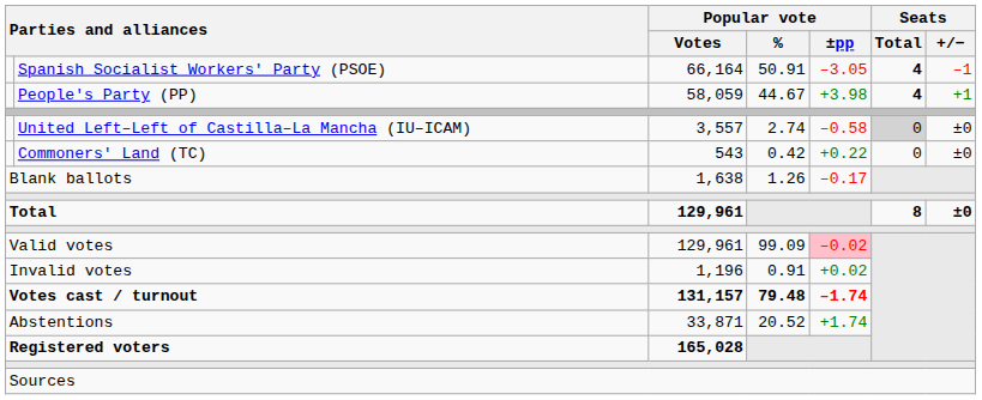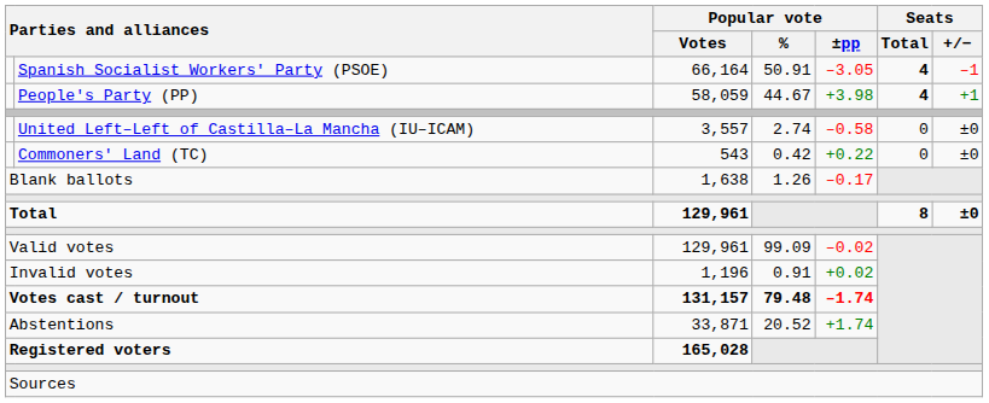 <table class="wikitable" style="text-align:right;">
 <tr>
 <th style="text-align:left;" rowspan="2" colspan="2" width="525">Parties and alliances</th>
 <th colspan="3">Popular vote</th>
 <th colspan="2">Seats</th>
 </tr>
 <tr>
 <th width="75">Votes</th>
 <th width="45">%</th>
 <th width="45">±<a href='#'>pp</a></th>
 <th width="35">Total</th>
 <th width="35">+/−</th>
 </tr>
 <tr>
 <td width="1" style="color:inherit;background:"></td>
 <td align="left"><a href='#'>Spanish Socialist Workers' Party</a> (PSOE)</td>
 <td>66,164</td>
 <td>50.91</td>
 <td style="color:red;">–3.05</td>
 <td><strong>4</strong></td>
 <td style="color:red;">–1</td>
 </tr>
 <tr>
 <td style="color:inherit;background:"></td>
 <td align="left"><a href='#'>People's Party</a> (PP)</td>
 <td>58,059</td>
 <td>44.67</td>
 <td style="color:green;">+3.98</td>
 <td><strong>4</strong></td>
 <td style="color:green;">+1</td>
 </tr>
 <tr>
 <td colspan="7" bgcolor="#C0C0C0"></td>
 </tr>
 <tr>
 <td style="color:inherit;background:"></td>
 <td align="left"><a href='#'>United Left–Left of Castilla–La Mancha</a> (IU–ICAM)</td>
 <td>3,557</td>
 <td>2.74</td>
 <td style="color:red;">–0.58</td>
-<td style="background: lightgrey;">0</td>
+<td>0</td>
 <td>±0</td>
 </tr>
 <tr>
 <td style="color:inherit;background:"></td>
 <td align="left"><a href='#'>Commoners' Land</a> (TC)</td>
 <td>543</td>
 <td>0.42</td>
 <td style="color:green;">+0.22</td>
 <td>0</td>
 <td>±0</td>
 </tr>
 <tr>
 <td align="left" colspan="2">Blank ballots</td>
 <td>1,638</td>
 <td>1.26</td>
 <td style="color:red;">–0.17</td>
 <td bgcolor="#E9E9E9" colspan="2"></td>
 </tr>
 <tr>
 <td colspan="7" bgcolor="#E9E9E9"></td>
 </tr>
 <tr style="font-weight:bold;">
 <td align="left" colspan="2">Total</td>
 <td>129,961</td>
 <td bgcolor="#E9E9E9" colspan="2"></td>
 <td>8</td>
 <td>±0</td>
 </tr>
 <tr>
 <td colspan="7" bgcolor="#E9E9E9"></td>
 </tr>
 <tr>
 <td align="left" colspan="2">Valid votes</td>
 <td>129,961</td>
 <td>99.09</td>
-<td style="background: pink; color:red;">–0.02</td>
+<td style="color:red;">–0.02</td>
 <td bgcolor="#E9E9E9" colspan="2" rowspan="5"></td>
 </tr>
 <tr>
 <td align="left" colspan="2">Invalid votes</td>
 <td>1,196</td>
 <td>0.91</td>
 <td style="color:green;">+0.02</td>
 </tr>
 <tr style="font-weight:bold;">
 <td align="left" colspan="2">Votes cast / turnout</td>
 <td>131,157</td>
 <td>79.48</td>
 <td style="color:red;">–1.74</td>
 </tr>
 <tr>
 <td align="left" colspan="2">Abstentions</td>
 <td>33,871</td>
 <td>20.52</td>
 <td style="color:green;">+1.74</td>
 </tr>
 <tr style="font-weight:bold;">
 <td align="left" colspan="2">Registered voters</td>
 <td>165,028</td>
 <td bgcolor="#E9E9E9" colspan="2"></td>
 </tr>
 <tr>
 <td colspan="7" bgcolor="#E9E9E9"></td>
 </tr>
 <tr>
 <td align="left" colspan="7">Sources</td>
 </tr>
 </table>
